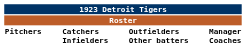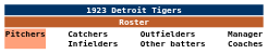 <table class="toccolours" style="font-size: 95%;">
 <tr>
 <th colspan="10" style="background-color: #003366; color: white; text-align: center;">1923 Detroit Tigers</th>
 </tr>
 <tr>
 <td colspan="10" style="background-color: #bd5d29; color: white; text-align: center;"><strong>Roster</strong></td>
 </tr>
 <tr>
-<td valign="top"><strong>Pitchers</strong><br>           </td>
+<td valign="top" style="background: lightsalmon;"><strong>Pitchers</strong><br>           </td>
 <td width="25px"></td>
 <td valign="top"><strong>Catchers</strong><br>    <strong>Infielders</strong>        </td>
 <td width="25px"></td>
 <td valign="top"><strong>Outfielders</strong><br>     <strong>Other batters</strong> </td>
 <td width="25px"></td>
 <td valign="top"><strong>Manager</strong><br> <strong>Coaches</strong> </td>
 </tr>
 </table>
